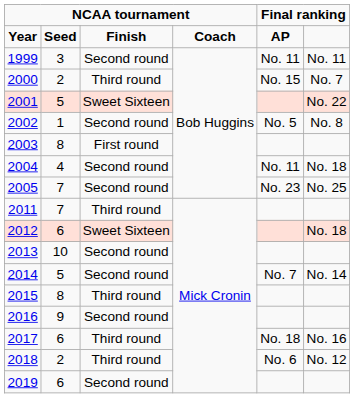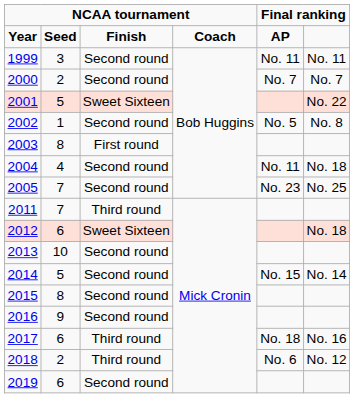 <table class="wikitable">
 <tr style="text-align:center; ">
 <td colspan=4><strong>NCAA tournament</strong></td>
 <td colspan=2><strong>Final ranking</strong></td>
 </tr>
 <tr style="text-align:center;">
 <td><strong>Year</strong></td>
 <td><strong>Seed</strong></td>
 <td><strong>Finish</strong></td>
 <td><strong>Coach</strong></td>
 <td><strong>AP</strong></td>
 <td></td>
 </tr>
 <tr style="text-align:center;">
 <td><a href='#'>1999</a></td>
 <td>3</td>
 <td>Second round</td>
 <td rowspan="7">Bob Huggins</td>
 <td>No. 11</td>
 <td>No. 11</td>
 </tr>
 <tr style="text-align:center;">
 <td><a href='#'>2000</a></td>
 <td>2</td>
-<td>Third round</td>
-<td>No. 15</td>
+<td>Second round</td>
+<td>No. 7</td>
 <td>No. 7</td>
 </tr>
 <tr style="text-align:center; background:#ffe0d8;">
 <td><a href='#'>2001</a></td>
 <td>5</td>
 <td>Sweet Sixteen</td>
 <td></td>
 <td>No. 22</td>
 </tr>
 <tr style="text-align:center;">
 <td><a href='#'>2002</a></td>
 <td>1</td>
 <td>Second round</td>
 <td>No. 5</td>
 <td>No. 8</td>
 </tr>
 <tr style="text-align:center;">
 <td><a href='#'>2003</a></td>
 <td>8</td>
 <td>First round</td>
 <td></td>
 <td></td>
 </tr>
 <tr style="text-align:center;">
 <td><a href='#'>2004</a></td>
 <td>4</td>
 <td>Second round</td>
 <td>No. 11</td>
 <td>No. 18</td>
 </tr>
 <tr style="text-align:center;">
 <td><a href='#'>2005</a></td>
 <td>7</td>
 <td>Second round</td>
 <td>No. 23</td>
 <td>No. 25</td>
 </tr>
 <tr style="text-align:center;">
 <td><a href='#'>2011</a></td>
 <td>7</td>
 <td>Third round</td>
 <td rowspan="9"><a href='#'>Mick Cronin</a></td>
 <td></td>
 <td></td>
 </tr>
 <tr style="text-align:center; background:#ffe0d8;">
 <td><a href='#'>2012</a></td>
 <td>6</td>
 <td>Sweet Sixteen</td>
 <td></td>
 <td>No. 18</td>
 </tr>
 <tr style="text-align:center;">
 <td><a href='#'>2013</a></td>
 <td>10</td>
 <td>Second round</td>
 <td></td>
 <td></td>
 </tr>
 <tr style="text-align:center;">
 <td><a href='#'>2014</a></td>
 <td>5</td>
 <td>Second round</td>
-<td>No. 7</td>
+<td>No. 15</td>
 <td>No. 14</td>
 </tr>
 <tr style="text-align:center;">
 <td><a href='#'>2015</a></td>
 <td>8</td>
-<td>Third round</td>
+<td>Second round</td>
 <td></td>
 <td></td>
 </tr>
 <tr style="text-align:center;">
 <td><a href='#'>2016</a></td>
 <td>9</td>
 <td>Second round</td>
 <td></td>
 <td></td>
 </tr>
 <tr style="text-align:center;">
 <td><a href='#'>2017</a></td>
 <td>6</td>
 <td>Third round</td>
 <td>No. 18</td>
 <td>No. 16</td>
 </tr>
 <tr style="text-align:center;">
 <td><a href='#'>2018</a></td>
 <td>2</td>
 <td>Third round</td>
 <td>No. 6</td>
 <td>No. 12</td>
 </tr>
 <tr style="text-align:center;">
 <td><a href='#'>2019</a></td>
 <td>6</td>
 <td>Second round</td>
 <td></td>
 <td></td>
 </tr>
 </table>
